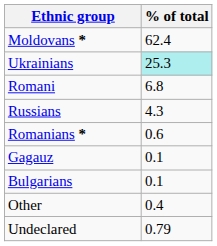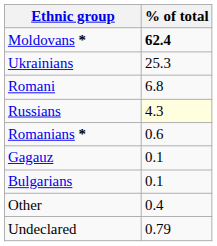 <table class="wikitable sortable">
 <tr>
 <th style="width:140px;"><a href='#'>Ethnic group</a></th>
 <th>% of total</th>
 </tr>
 <tr>
 <td><a href='#'>Moldovans</a> <strong>*</strong></td>
-<td>62.4</td>
+<td><strong>62.4</strong></td>
 </tr>
 <tr>
 <td><a href='#'>Ukrainians</a></td>
-<td style="background: paleturquoise;">25.3</td>
+<td>25.3</td>
 </tr>
 <tr>
 <td><a href='#'>Romani</a></td>
 <td>6.8</td>
 </tr>
 <tr>
 <td><a href='#'>Russians</a></td>
-<td>4.3</td>
+<td style="background: lightyellow;">4.3</td>
 </tr>
 <tr>
 <td><a href='#'>Romanians</a> <strong>*</strong></td>
 <td>0.6</td>
 </tr>
 <tr>
 <td><a href='#'>Gagauz</a></td>
 <td>0.1</td>
 </tr>
 <tr>
 <td><a href='#'>Bulgarians</a></td>
 <td>0.1</td>
 </tr>
 <tr>
 <td>Other</td>
 <td>0.4</td>
 </tr>
 <tr>
 <td>Undeclared</td>
 <td>0.79</td>
 </tr>
 </table>
